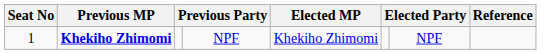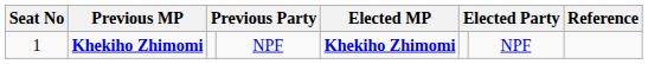 <table class="wikitable">
 <tr>
 <th>Seat No</th>
 <th>Previous MP</th>
 <th colspan=2>Previous Party</th>
 <th>Elected MP</th>
 <th colspan=2>Elected Party</th>
 <th>Reference</th>
 </tr>
 <tr style="text-align:center;">
 <td>1</td>
 <td><strong><a href='#'>Khekiho Zhimomi</a></strong></td>
 <td width="1px"></td>
 <td><a href='#'>NPF</a></td>
-<td><a href='#'>Khekiho Zhimomi</a></td>
+<td><strong><a href='#'>Khekiho Zhimomi</a></strong></td>
 <td width="1px"></td>
 <td><a href='#'>NPF</a></td>
 <td rowspan=1></td>
 </tr>
 </table>
